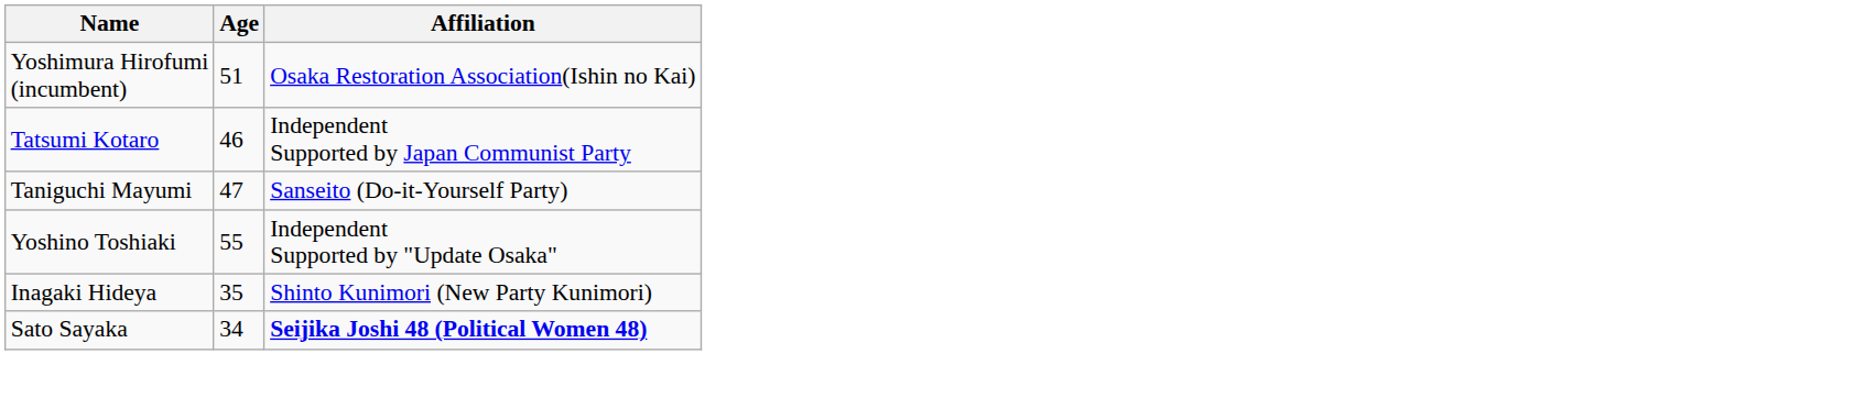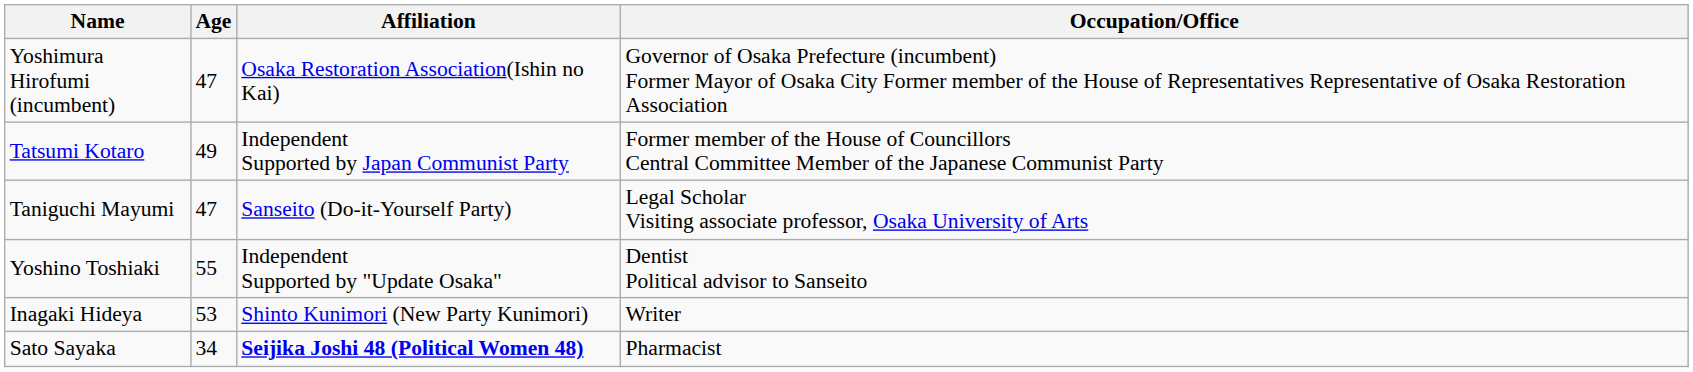 <table class="wikitable">
 <tr>
 <th>Name</th>
 <th>Age</th>
 <th>Affiliation</th>
+<th>Occupation/Office</th>
 </tr>
 <tr>
 <td>Yoshimura Hirofumi<br>(incumbent)</td>
-<td>51</td>
+<td>47</td>
 <td><a href='#'>Osaka Restoration Association</a>(Ishin no Kai)</td>
+<td>Governor of Osaka Prefecture (incumbent)<br>Former Mayor of Osaka City Former member of the House of Representatives Representative of Osaka Restoration Association</td>
 </tr>
 <tr>
 <td><a href='#'>Tatsumi Kotaro</a></td>
-<td>46</td>
+<td>49</td>
 <td>Independent<br>Supported by <a href='#'>Japan Communist Party</a></td>
+<td>Former member of the House of Councillors<br>Central Committee Member of the Japanese Communist Party</td>
 </tr>
 <tr>
 <td>Taniguchi Mayumi</td>
 <td>47</td>
 <td><a href='#'>Sanseito</a> (Do-it-Yourself Party)</td>
+<td>Legal Scholar<br>Visiting associate professor, <a href='#'>Osaka University of Arts</a></td>
 </tr>
 <tr>
 <td>Yoshino Toshiaki</td>
 <td>55</td>
 <td>Independent<br>Supported by "Update Osaka"</td>
+<td>Dentist<br>Political advisor to Sanseito</td>
 </tr>
 <tr>
 <td>Inagaki Hideya</td>
-<td>35</td>
+<td>53</td>
 <td><a href='#'>Shinto Kunimori</a> (New Party Kunimori)</td>
+<td>Writer</td>
 </tr>
 <tr>
 <td>Sato Sayaka</td>
 <td>34</td>
 <td><strong><a href='#'>Seijika Joshi 48 (Political Women 48)</a></strong></td>
+<td>Pharmacist</td>
 </tr>
 </table>
